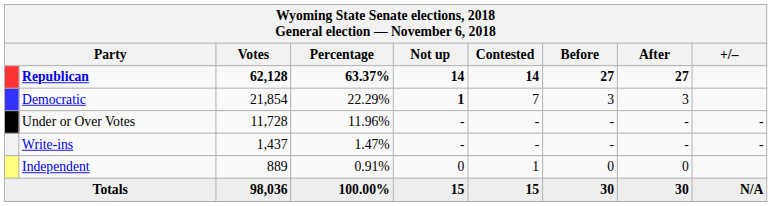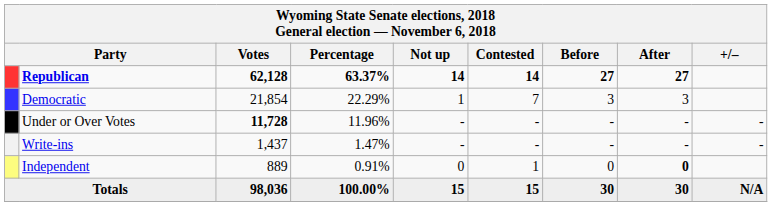 <table class="wikitable" style="font-size:95%;">
 <tr>
 <th colspan="9">Wyoming State Senate elections, 2018<br>General election — November 6, 2018</th>
 </tr>
 <tr>
 <th colspan=2 style="width: 15em">Party</th>
 <th style="width: 5em">Votes</th>
 <th style="width: 7em">Percentage</th>
 <th style="width: 5em">Not up</th>
 <th style="width: 5em">Contested</th>
 <th style="width: 5em">Before</th>
 <th style="width: 5em">After</th>
 <th style="width: 5em">+/–</th>
 </tr>
 <tr>
 <th style="background-color:#F33; width: 3px"></th>
 <td style="width: 130px"><strong><a href='#'>Republican</a></strong></td>
 <td align="right"><strong>62,128</strong></td>
 <td align="right"><strong>63.37%</strong></td>
 <td align="right"><strong>14</strong></td>
 <td align="right"><strong>14</strong></td>
 <td align="right"><strong>27</strong></td>
 <td align="right"><strong>27</strong></td>
 <td align="right"><strong></strong></td>
 </tr>
 <tr>
 <th style="background-color:#33F; width: 3px"></th>
 <td style="width: 130px"><a href='#'>Democratic</a></td>
 <td align="right">21,854</td>
 <td align="right">22.29%</td>
-<td align="right"><strong>1</strong></td>
+<td align="right">1</td>
 <td align="right">7</td>
 <td align="right">3</td>
 <td align="right">3</td>
 <td align="right"></td>
 </tr>
 <tr>
 <th style="background-color:#000000; width: 3px"></th>
 <td style="width: 130px">Under or Over Votes</td>
-<td align="right">11,728</td>
+<td align="right"><strong>11,728</strong></td>
 <td align="right">11.96%</td>
 <td align="right">-</td>
 <td align="right">-</td>
 <td align="right">-</td>
 <td align="right">-</td>
 <td align="right">-</td>
 </tr>
 <tr>
 <th style="background-color:; width: 3px"></th>
 <td style="width: 130px"><a href='#'>Write-ins</a></td>
 <td align="right">1,437</td>
 <td align="right">1.47%</td>
 <td align="right">-</td>
 <td align="right">-</td>
 <td align="right">-</td>
 <td align="right">-</td>
 <td align="right">-</td>
 </tr>
 <tr>
 <th style="background-color:#FDFD7F; width: 3px"></th>
 <td style="width: 130px"><a href='#'>Independent</a></td>
 <td align="right">889</td>
 <td align="right">0.91%</td>
 <td align="right">0</td>
 <td align="right">1</td>
 <td align="right">0</td>
-<td align="right">0</td>
+<td align="right"><strong>0</strong></td>
 <td align="right"></td>
 </tr>
 <tr bgcolor="#EEEEEE" align="center">
 <td colspan="2" align="center"><strong>Totals</strong></td>
 <td align="right"><strong>98,036</strong></td>
 <td align="right"><strong>100.00%</strong></td>
 <td align="right"><strong>15</strong></td>
 <td align="right"><strong>15</strong></td>
 <td align="right"><strong>30</strong></td>
 <td align="right"><strong>30</strong></td>
 <td align="right"><strong>N/A</strong></td>
 </tr>
 <tr>
 </tr>
 </table>
